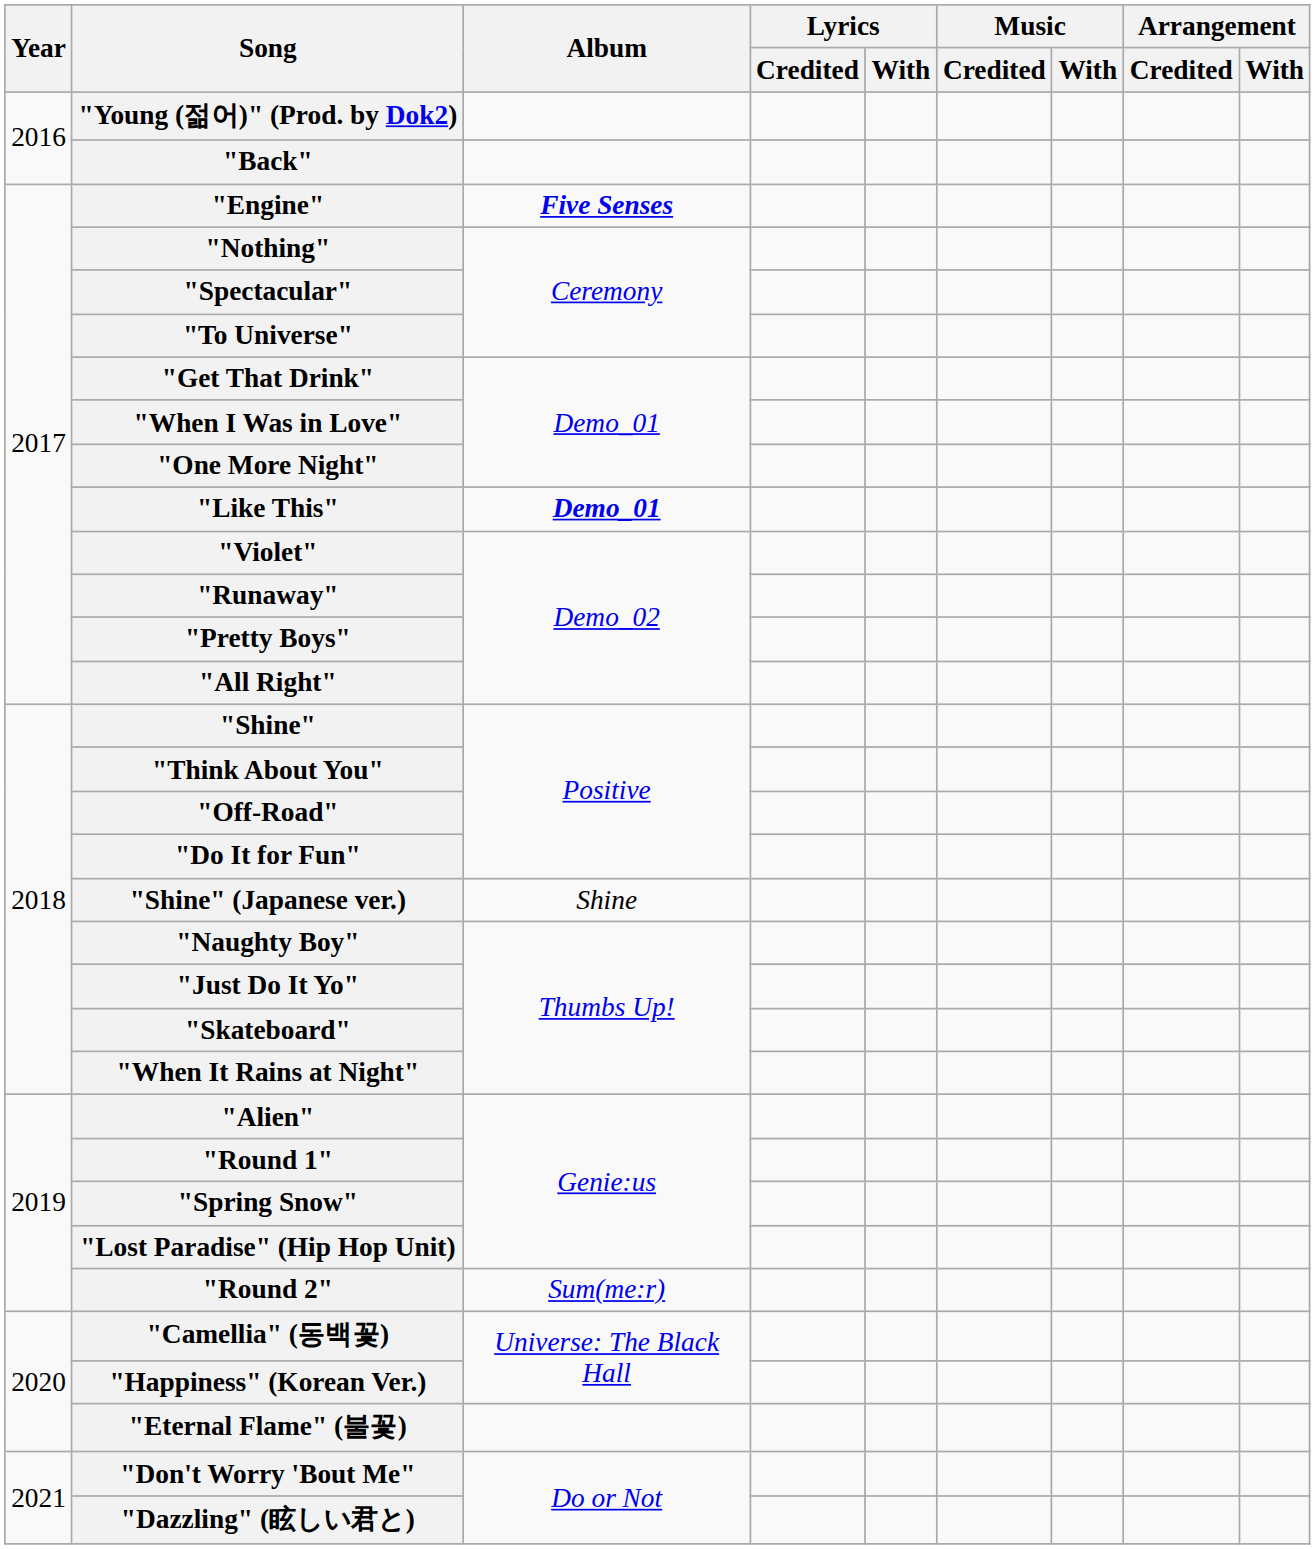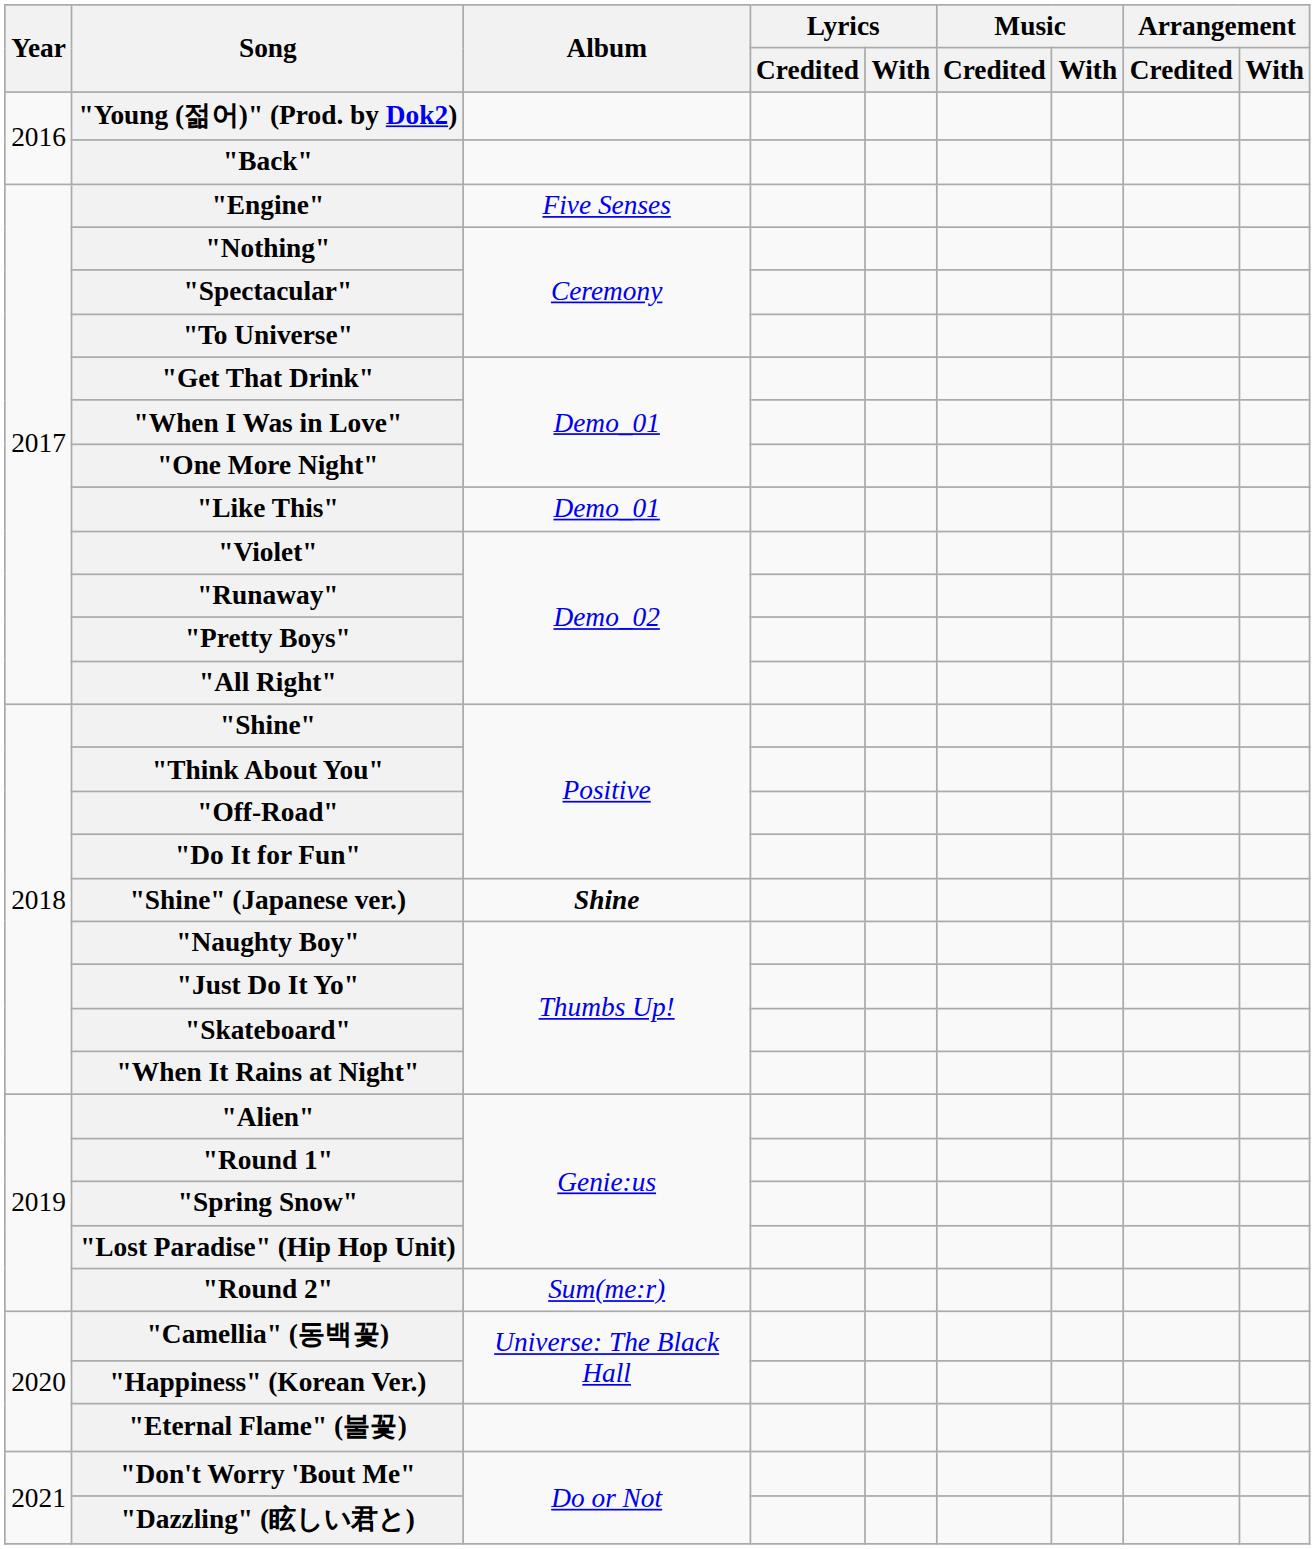 <table class="wikitable" style="text-align:center;">
 <tr>
 <th rowspan="2">Year</th>
 <th rowspan="2">Song</th>
 <th rowspan="2"  style="width:10em;">Album</th>
 <th colspan="2">Lyrics</th>
 <th colspan="2">Music</th>
 <th colspan="2">Arrangement</th>
 </tr>
 <tr>
 <th>Credited</th>
 <th>With</th>
 <th>Credited</th>
 <th>With</th>
 <th>Credited</th>
 <th>With</th>
 </tr>
 <tr>
 <td rowspan="2">2016</td>
 <th>"Young (젊어)" (Prod. by <a href='#'>Dok2</a>)</th>
 <td></td>
 <td></td>
 <td></td>
 <td></td>
 <td></td>
 <td></td>
 <td></td>
 </tr>
 <tr>
 <th>"Back"</th>
 <td></td>
 <td></td>
 <td></td>
 <td></td>
 <td></td>
 <td></td>
 <td></td>
 </tr>
 <tr>
 <td rowspan="12">2017</td>
 <th>"Engine"</th>
-<td><strong><em><a href='#'>Five Senses</a></em></strong></td>
+<td><em><a href='#'>Five Senses</a></em></td>
 <td></td>
 <td></td>
 <td></td>
 <td></td>
 <td></td>
 <td></td>
 </tr>
 <tr>
 <th>"Nothing"</th>
 <td rowspan="3"><em><a href='#'>Ceremony</a></em></td>
 <td></td>
 <td></td>
 <td></td>
 <td></td>
 <td></td>
 <td></td>
 </tr>
 <tr>
 <th>"Spectacular" </th>
 <td></td>
 <td></td>
 <td></td>
 <td></td>
 <td></td>
 <td></td>
 </tr>
 <tr>
 <th>"To Universe" </th>
 <td></td>
 <td></td>
 <td></td>
 <td></td>
 <td></td>
 <td></td>
 </tr>
 <tr>
 <th>"Get That Drink" </th>
 <td rowspan="3"><em><a href='#'>Demo_01</a></em></td>
 <td></td>
 <td></td>
 <td></td>
 <td></td>
 <td></td>
 <td></td>
 </tr>
 <tr>
 <th>"When I Was in Love" </th>
 <td></td>
 <td></td>
 <td></td>
 <td></td>
 <td></td>
 <td></td>
 </tr>
 <tr>
 <th>"One More Night" </th>
 <td></td>
 <td></td>
 <td></td>
 <td></td>
 <td></td>
 <td></td>
 </tr>
 <tr>
 <th>"Like This"</th>
-<td><strong><em><a href='#'>Demo_01</a></em></strong></td>
+<td><em><a href='#'>Demo_01</a></em></td>
 <td></td>
 <td></td>
 <td></td>
 <td></td>
 <td></td>
 <td></td>
 </tr>
 <tr>
 <th>"Violet"</th>
 <td rowspan="4"><em><a href='#'>Demo_02</a></em></td>
 <td></td>
 <td></td>
 <td></td>
 <td></td>
 <td></td>
 <td></td>
 </tr>
 <tr>
 <th>"Runaway"</th>
 <td></td>
 <td></td>
 <td></td>
 <td></td>
 <td></td>
 <td></td>
 </tr>
 <tr>
 <th>"Pretty Boys" </th>
 <td></td>
 <td></td>
 <td></td>
 <td></td>
 <td></td>
 <td></td>
 </tr>
 <tr>
 <th>"All Right"</th>
 <td></td>
 <td></td>
 <td></td>
 <td></td>
 <td></td>
 <td></td>
 </tr>
 <tr>
 <td rowspan="9">2018</td>
 <th>"Shine"</th>
 <td rowspan="4"><em><a href='#'>Positive</a></em></td>
 <td></td>
 <td></td>
 <td></td>
 <td></td>
 <td></td>
 <td></td>
 </tr>
 <tr>
 <th>"Think About You" </th>
 <td></td>
 <td></td>
 <td></td>
 <td></td>
 <td></td>
 <td></td>
 </tr>
 <tr>
 <th>"Off-Road"</th>
 <td></td>
 <td></td>
 <td></td>
 <td></td>
 <td></td>
 <td></td>
 </tr>
 <tr>
 <th>"Do It for Fun" </th>
 <td></td>
 <td></td>
 <td></td>
 <td></td>
 <td></td>
 <td></td>
 </tr>
 <tr>
 <th>"Shine" (Japanese ver.)</th>
-<td><em>Shine</em></td>
+<td><strong><em>Shine</em></strong></td>
 <td></td>
 <td></td>
 <td></td>
 <td></td>
 <td></td>
 <td></td>
 </tr>
 <tr>
 <th>"Naughty Boy" </th>
 <td rowspan="4"><em><a href='#'>Thumbs Up!</a></em></td>
 <td></td>
 <td></td>
 <td></td>
 <td></td>
 <td></td>
 <td></td>
 </tr>
 <tr>
 <th>"Just Do It Yo" </th>
 <td></td>
 <td></td>
 <td></td>
 <td></td>
 <td></td>
 <td></td>
 </tr>
 <tr>
 <th>"Skateboard"</th>
 <td></td>
 <td></td>
 <td></td>
 <td></td>
 <td></td>
 <td></td>
 </tr>
 <tr>
 <th>"When It Rains at Night" </th>
 <td></td>
 <td></td>
 <td></td>
 <td></td>
 <td></td>
 <td></td>
 </tr>
 <tr>
 <td rowspan="5">2019</td>
 <th>"Alien" </th>
 <td rowspan="4"><em><a href='#'>Genie:us</a></em></td>
 <td></td>
 <td></td>
 <td></td>
 <td></td>
 <td></td>
 <td></td>
 </tr>
 <tr>
 <th>"Round 1"</th>
 <td></td>
 <td></td>
 <td></td>
 <td></td>
 <td></td>
 <td></td>
 </tr>
 <tr>
 <th>"Spring Snow" </th>
 <td></td>
 <td></td>
 <td></td>
 <td></td>
 <td></td>
 <td></td>
 </tr>
 <tr>
 <th>"Lost Paradise" (Hip Hop Unit)</th>
 <td></td>
 <td></td>
 <td></td>
 <td></td>
 <td></td>
 <td></td>
 </tr>
 <tr>
 <th>"Round 2"</th>
 <td><em><a href='#'>Sum(me:r)</a></em></td>
 <td></td>
 <td></td>
 <td></td>
 <td></td>
 <td></td>
 <td></td>
 </tr>
 <tr>
 <td rowspan="3">2020</td>
 <th>"Camellia" (동백꽃)</th>
 <td rowspan="2"><em><a href='#'>Universe: The Black Hall</a></em></td>
 <td></td>
 <td></td>
 <td></td>
 <td></td>
 <td></td>
 <td></td>
 </tr>
 <tr>
 <th>"Happiness" (Korean Ver.)</th>
 <td></td>
 <td></td>
 <td></td>
 <td></td>
 <td></td>
 <td></td>
 </tr>
 <tr>
 <th>"Eternal Flame" (불꽃)</th>
 <td></td>
 <td></td>
 <td></td>
 <td></td>
 <td></td>
 <td></td>
 <td></td>
 </tr>
 <tr>
 <td rowspan="2">2021</td>
 <th>"Don't Worry 'Bout Me"</th>
 <td rowspan="2"><em><a href='#'>Do or Not</a></em></td>
 <td></td>
 <td></td>
 <td></td>
 <td></td>
 <td></td>
 <td></td>
 </tr>
 <tr>
 <th>"Dazzling" (眩しい君と)</th>
 <td></td>
 <td></td>
 <td></td>
 <td></td>
 <td></td>
 <td></td>
 </tr>
 </table>
